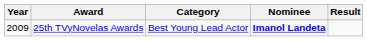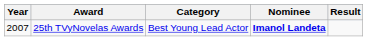 <table class="wikitable">
 <tr style="background:#b0c4de;">
 <th>Year</th>
 <th>Award</th>
 <th>Category</th>
 <th>Nominee</th>
 <th>Result</th>
 </tr>
 <tr>
-<td>2009</td>
+<td>2007</td>
 <td rowspan=2><a href='#'>25th TVyNovelas Awards</a></td>
 <td><a href='#'>Best Young Lead Actor</a></td>
 <td><strong><a href='#'>Imanol Landeta</a></strong></td>
 <td></td>
 </tr>
 </table>
